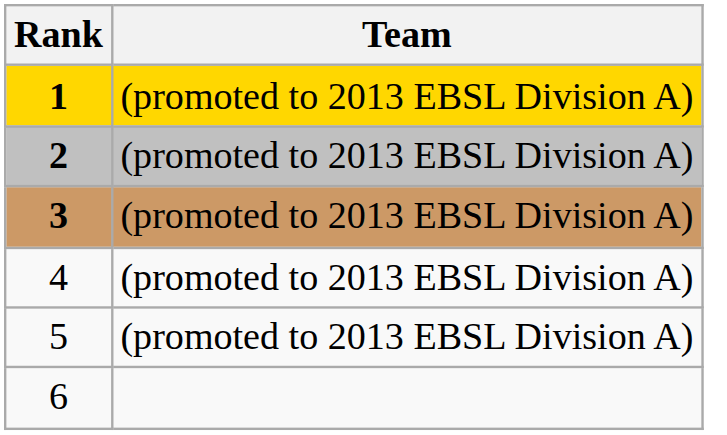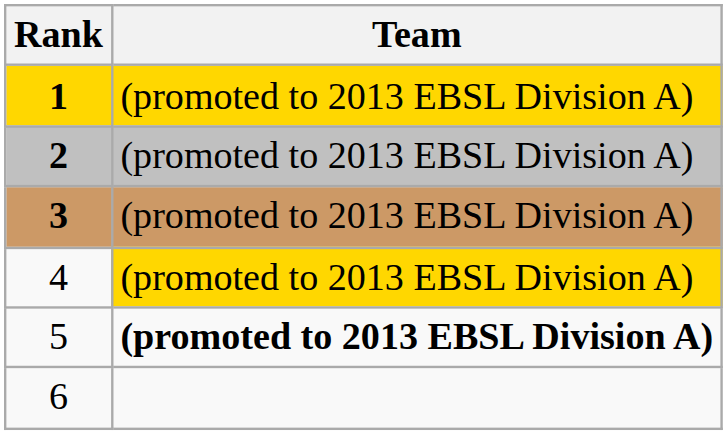 <table class="wikitable" style="text-align:center">
 <tr>
 <th>Rank</th>
 <th>Team</th>
 </tr>
 <tr style="background:gold;">
 <td><strong>1</strong></td>
 <td align="left"> (promoted to 2013 EBSL Division A)</td>
 </tr>
 <tr style="background:silver;">
 <td><strong>2</strong></td>
 <td align="left"> (promoted to 2013 EBSL Division A)</td>
 </tr>
 <tr style="background:#c96;">
 <td><strong>3</strong></td>
 <td align="left"> (promoted to 2013 EBSL Division A)</td>
 </tr>
 <tr>
 <td>4</td>
-<td align="left"> (promoted to 2013 EBSL Division A)</td>
+<td align="left" style="background: gold;"> (promoted to 2013 EBSL Division A)</td>
 </tr>
 <tr>
 <td>5</td>
-<td align="left"> (promoted to 2013 EBSL Division A)</td>
+<td align="left"><strong> (promoted to 2013 EBSL Division A)</strong></td>
 </tr>
 <tr>
 <td>6</td>
 <td align="left"></td>
 </tr>
 </table>
